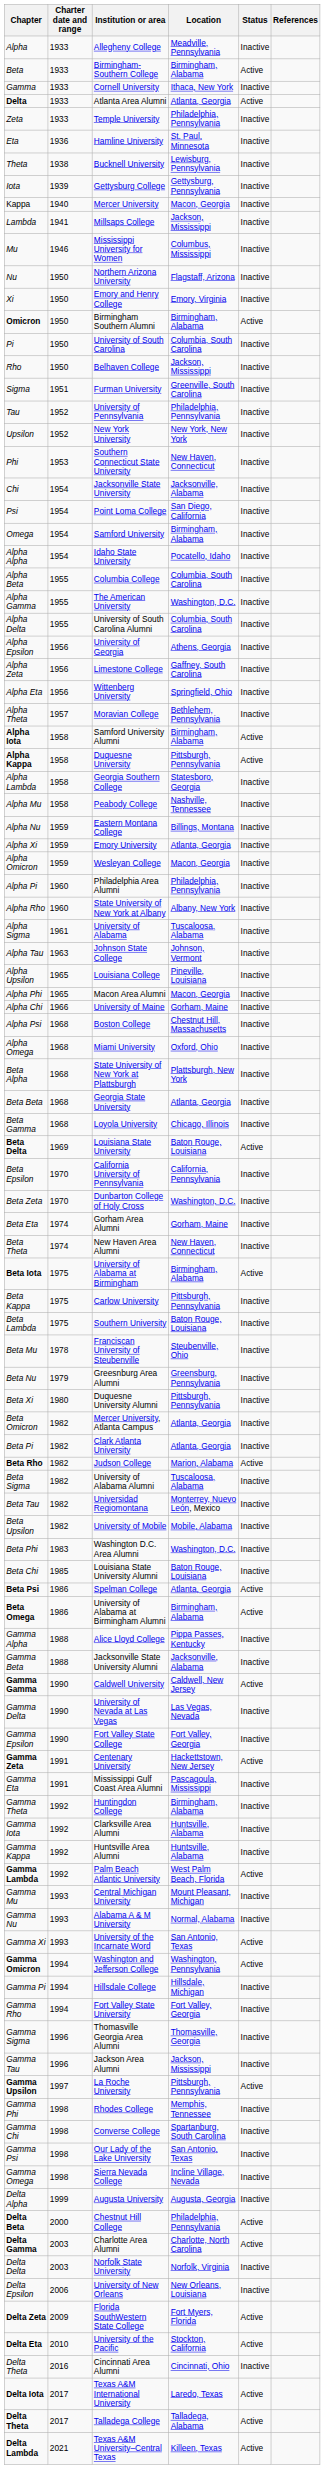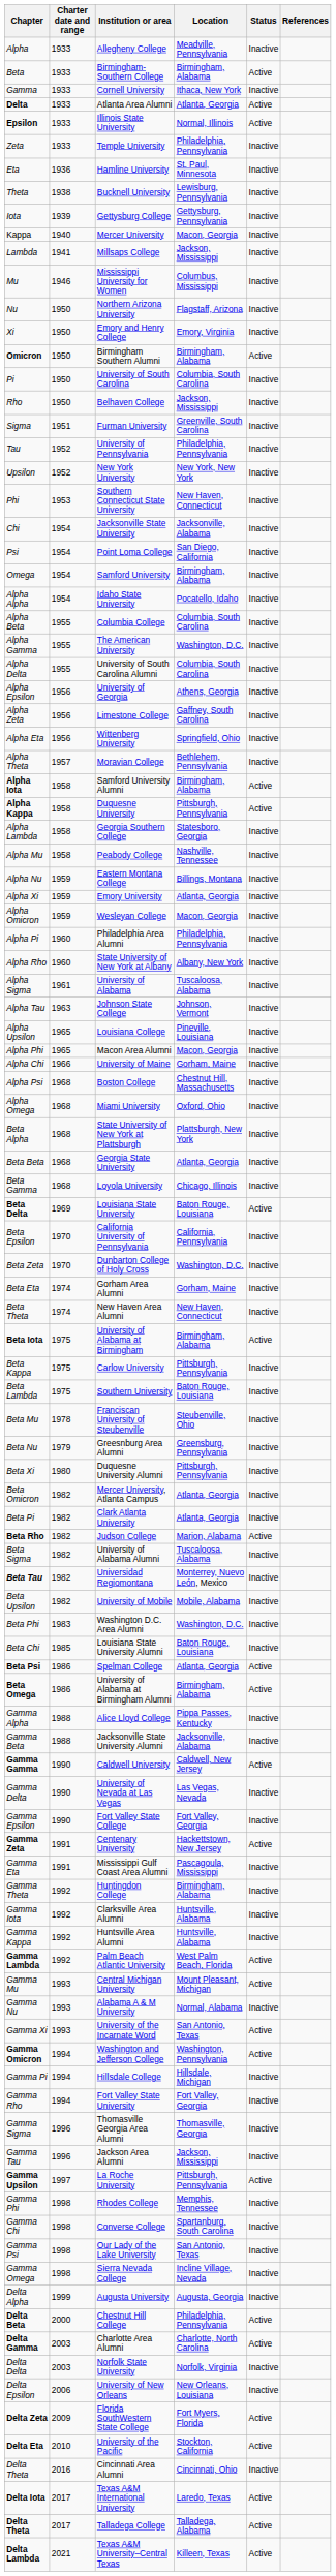 <table class="wikitable sortable">
 <tr>
 <th>Chapter</th>
 <th>Charter date and range</th>
 <th>Institution or area</th>
 <th>Location</th>
 <th>Status</th>
 <th>References</th>
 </tr>
 <tr>
 <td><em>Alpha</em></td>
 <td>1933</td>
 <td><a href='#'>Allegheny College</a></td>
 <td><a href='#'>Meadville, Pennsylvania</a></td>
 <td>Inactive</td>
 <td></td>
 </tr>
 <tr>
 <td><em>Beta</em></td>
 <td>1933</td>
 <td><a href='#'>Birmingham-Southern College</a></td>
 <td><a href='#'>Birmingham, Alabama</a></td>
 <td>Active</td>
 <td></td>
 </tr>
 <tr>
 <td><em>Gamma</em></td>
 <td>1933</td>
 <td><a href='#'>Cornell University</a></td>
 <td><a href='#'>Ithaca, New York</a></td>
 <td>Inactive</td>
 <td></td>
 </tr>
 <tr>
 <td><strong>Delta</strong></td>
 <td>1933</td>
 <td>Atlanta Area Alumni</td>
 <td><a href='#'>Atlanta, Georgia</a></td>
+<td>Active</td>
+<td></td>
+</tr>
+<tr>
+<td><strong>Epsilon</strong></td>
+<td>1933</td>
+<td><a href='#'>Illinois State University</a></td>
+<td><a href='#'>Normal, Illinois</a></td>
 <td>Active</td>
 <td></td>
 </tr>
 <tr>
 <td><em>Zeta</em></td>
 <td>1933</td>
 <td><a href='#'>Temple University</a></td>
 <td><a href='#'>Philadelphia, Pennsylvania</a></td>
 <td>Inactive</td>
 <td></td>
 </tr>
 <tr>
 <td><em>Eta</em></td>
 <td>1936</td>
 <td><a href='#'>Hamline University</a></td>
 <td><a href='#'>St. Paul, Minnesota</a></td>
 <td>Inactive</td>
 <td></td>
 </tr>
 <tr>
 <td><em>Theta</em></td>
 <td>1938</td>
 <td><a href='#'>Bucknell University</a></td>
 <td><a href='#'>Lewisburg, Pennsylvania</a></td>
 <td>Inactive</td>
 <td></td>
 </tr>
 <tr>
 <td><em>Iota</em></td>
 <td>1939</td>
 <td><a href='#'>Gettysburg College</a></td>
 <td><a href='#'>Gettysburg, Pennsylvania</a></td>
 <td>Inactive</td>
 <td></td>
 </tr>
 <tr>
 <td>Kappa</td>
 <td>1940</td>
 <td><a href='#'>Mercer University</a></td>
 <td><a href='#'>Macon, Georgia</a></td>
 <td>Inactive</td>
 <td></td>
 </tr>
 <tr>
 <td><em>Lambda</em></td>
 <td>1941</td>
 <td><a href='#'>Millsaps College</a></td>
 <td><a href='#'>Jackson, Mississippi</a></td>
 <td>Inactive</td>
 <td></td>
 </tr>
 <tr>
 <td><em>Mu</em></td>
 <td>1946</td>
 <td><a href='#'>Mississippi University for Women</a></td>
 <td><a href='#'>Columbus, Mississippi</a></td>
 <td>Inactive</td>
 <td></td>
 </tr>
 <tr>
 <td><em>Nu</em></td>
 <td>1950</td>
 <td><a href='#'>Northern Arizona University</a></td>
 <td><a href='#'>Flagstaff, Arizona</a></td>
 <td>Inactive</td>
 <td></td>
 </tr>
 <tr>
 <td><em>Xi</em></td>
 <td>1950</td>
 <td><a href='#'>Emory and Henry College</a></td>
 <td><a href='#'>Emory, Virginia</a></td>
 <td>Inactive</td>
 <td></td>
 </tr>
 <tr>
 <td><strong>Omicron</strong></td>
 <td>1950</td>
 <td>Birmingham Southern Alumni</td>
 <td><a href='#'>Birmingham, Alabama</a></td>
 <td>Active</td>
 <td></td>
 </tr>
 <tr>
 <td><em>Pi</em></td>
 <td>1950</td>
 <td><a href='#'>University of South Carolina</a></td>
 <td><a href='#'>Columbia, South Carolina</a></td>
 <td>Inactive</td>
 <td></td>
 </tr>
 <tr>
 <td><em>Rho</em></td>
 <td>1950</td>
 <td><a href='#'>Belhaven College</a></td>
 <td><a href='#'>Jackson, Mississippi</a></td>
 <td>Inactive</td>
 <td></td>
 </tr>
 <tr>
 <td><em>Sigma</em></td>
 <td>1951</td>
 <td><a href='#'>Furman University</a></td>
 <td><a href='#'>Greenville, South Carolina</a></td>
 <td>Inactive</td>
 <td></td>
 </tr>
 <tr>
 <td><em>Tau</em></td>
 <td>1952</td>
 <td><a href='#'>University of Pennsylvania</a></td>
 <td><a href='#'>Philadelphia, Pennsylvania</a></td>
 <td>Inactive</td>
 <td></td>
 </tr>
 <tr>
 <td><em>Upsilon</em></td>
 <td>1952</td>
 <td><a href='#'>New York University</a></td>
 <td><a href='#'>New York, New York</a></td>
 <td>Inactive</td>
 <td></td>
 </tr>
 <tr>
 <td><em>Phi</em></td>
 <td>1953</td>
 <td><a href='#'>Southern Connecticut State University</a></td>
 <td><a href='#'>New Haven, Connecticut</a></td>
 <td>Inactive</td>
 <td></td>
 </tr>
 <tr>
 <td><em>Chi</em></td>
 <td>1954</td>
 <td><a href='#'>Jacksonville State University</a></td>
 <td><a href='#'>Jacksonville, Alabama</a></td>
 <td>Inactive</td>
 <td></td>
 </tr>
 <tr>
 <td><em>Psi</em></td>
 <td>1954</td>
 <td><a href='#'>Point Loma College</a></td>
 <td><a href='#'>San Diego, California</a></td>
 <td>Inactive</td>
 <td></td>
 </tr>
 <tr>
 <td><em>Omega</em></td>
 <td>1954</td>
 <td><a href='#'>Samford University</a></td>
 <td><a href='#'>Birmingham, Alabama</a></td>
 <td>Inactive</td>
 <td></td>
 </tr>
 <tr>
 <td><em>Alpha Alpha</em></td>
 <td>1954</td>
 <td><a href='#'>Idaho State University</a></td>
 <td><a href='#'>Pocatello, Idaho</a></td>
 <td>Inactive</td>
 <td></td>
 </tr>
 <tr>
 <td><em>Alpha Beta</em></td>
 <td>1955</td>
 <td><a href='#'>Columbia College</a></td>
 <td><a href='#'>Columbia, South Carolina</a></td>
 <td>Inactive</td>
 <td></td>
 </tr>
 <tr>
 <td><em>Alpha Gamma</em></td>
 <td>1955</td>
 <td><a href='#'>The American University</a></td>
 <td><a href='#'>Washington, D.C.</a></td>
 <td>Inactive</td>
 <td></td>
 </tr>
 <tr>
 <td><em>Alpha Delta</em></td>
 <td>1955</td>
 <td>University of South Carolina Alumni</td>
 <td><a href='#'>Columbia, South Carolina</a></td>
 <td>Inactive</td>
 <td></td>
 </tr>
 <tr>
 <td><em>Alpha Epsilon</em></td>
 <td>1956</td>
 <td><a href='#'>University of Georgia</a></td>
 <td><a href='#'>Athens, Georgia</a></td>
 <td>Inactive</td>
 <td></td>
 </tr>
 <tr>
 <td><em>Alpha Zeta</em></td>
 <td>1956</td>
 <td><a href='#'>Limestone College</a></td>
 <td><a href='#'>Gaffney, South Carolina</a></td>
 <td>Inactive</td>
 <td></td>
 </tr>
 <tr>
 <td><em>Alpha Eta</em></td>
 <td>1956</td>
 <td><a href='#'>Wittenberg University</a></td>
 <td><a href='#'>Springfield, Ohio</a></td>
 <td>Inactive</td>
 <td></td>
 </tr>
 <tr>
 <td><em>Alpha Theta</em></td>
 <td>1957</td>
 <td><a href='#'>Moravian College</a></td>
 <td><a href='#'>Bethlehem, Pennsylvania</a></td>
 <td>Inactive</td>
 <td></td>
 </tr>
 <tr>
 <td><strong>Alpha Iota</strong></td>
 <td>1958</td>
 <td>Samford University Alumni</td>
 <td><a href='#'>Birmingham, Alabama</a></td>
 <td>Active</td>
 <td></td>
 </tr>
 <tr>
 <td><strong>Alpha Kappa</strong></td>
 <td>1958</td>
 <td><a href='#'>Duquesne University</a></td>
 <td><a href='#'>Pittsburgh, Pennsylvania</a></td>
 <td>Active</td>
 <td></td>
 </tr>
 <tr>
 <td><em>Alpha Lambda</em></td>
 <td>1958</td>
 <td><a href='#'>Georgia Southern College</a></td>
 <td><a href='#'>Statesboro, Georgia</a></td>
 <td>Inactive</td>
 <td></td>
 </tr>
 <tr>
 <td><em>Alpha Mu</em></td>
 <td>1958</td>
 <td><a href='#'>Peabody College</a></td>
 <td><a href='#'>Nashville, Tennessee</a></td>
 <td>Inactive</td>
 <td></td>
 </tr>
 <tr>
 <td><em>Alpha Nu</em></td>
 <td>1959</td>
 <td><a href='#'>Eastern Montana College</a></td>
 <td><a href='#'>Billings, Montana</a></td>
 <td>Inactive</td>
 <td></td>
 </tr>
 <tr>
 <td><em>Alpha Xi</em></td>
 <td>1959</td>
 <td><a href='#'>Emory University</a></td>
 <td><a href='#'>Atlanta, Georgia</a></td>
 <td>Inactive</td>
 <td></td>
 </tr>
 <tr>
 <td><em>Alpha Omicron</em></td>
 <td>1959</td>
 <td><a href='#'>Wesleyan College</a></td>
 <td><a href='#'>Macon, Georgia</a></td>
 <td>Inactive</td>
 <td></td>
 </tr>
 <tr>
 <td><em>Alpha Pi</em></td>
 <td>1960</td>
 <td>Philadelphia Area Alumni</td>
 <td><a href='#'>Philadelphia, Pennsylvania</a></td>
 <td>Inactive</td>
 <td></td>
 </tr>
 <tr>
 <td><em>Alpha Rho</em></td>
 <td>1960</td>
 <td><a href='#'>State University of New York at Albany</a></td>
 <td><a href='#'>Albany, New York</a></td>
 <td>Inactive</td>
 <td></td>
 </tr>
 <tr>
 <td><em>Alpha Sigma</em></td>
 <td>1961</td>
 <td><a href='#'>University of Alabama</a></td>
 <td><a href='#'>Tuscaloosa, Alabama</a></td>
 <td>Inactive</td>
 <td></td>
 </tr>
 <tr>
 <td><em>Alpha Tau</em></td>
 <td>1963</td>
 <td><a href='#'>Johnson State College</a></td>
 <td><a href='#'>Johnson, Vermont</a></td>
 <td>Inactive</td>
 <td></td>
 </tr>
 <tr>
 <td><em>Alpha Upsilon</em></td>
 <td>1965</td>
 <td><a href='#'>Louisiana College</a></td>
 <td><a href='#'>Pineville, Louisiana</a></td>
 <td>Inactive</td>
 <td></td>
 </tr>
 <tr>
 <td><em>Alpha Phi</em></td>
 <td>1965</td>
 <td>Macon Area Alumni</td>
 <td><a href='#'>Macon, Georgia</a></td>
 <td>Inactive</td>
 <td></td>
 </tr>
 <tr>
 <td><em>Alpha Chi</em></td>
 <td>1966</td>
 <td><a href='#'>University of Maine</a></td>
 <td><a href='#'>Gorham, Maine</a></td>
 <td>Inactive</td>
 <td></td>
 </tr>
 <tr>
 <td><em>Alpha Psi</em></td>
 <td>1968</td>
 <td><a href='#'>Boston College</a></td>
 <td><a href='#'>Chestnut Hill, Massachusetts</a></td>
 <td>Inactive</td>
 <td></td>
 </tr>
 <tr>
 <td><em>Alpha Omega</em></td>
 <td>1968</td>
 <td><a href='#'>Miami University</a></td>
 <td><a href='#'>Oxford, Ohio</a></td>
 <td>Inactive</td>
 <td></td>
 </tr>
 <tr>
 <td><em>Beta Alpha</em></td>
 <td>1968</td>
 <td><a href='#'>State University of New York at Plattsburgh</a></td>
 <td><a href='#'>Plattsburgh, New York</a></td>
 <td>Inactive</td>
 <td></td>
 </tr>
 <tr>
 <td><em>Beta Beta</em></td>
 <td>1968</td>
 <td><a href='#'>Georgia State University</a></td>
 <td><a href='#'>Atlanta, Georgia</a></td>
 <td>Inactive</td>
 <td></td>
 </tr>
 <tr>
 <td><em>Beta Gamma</em></td>
 <td>1968</td>
 <td><a href='#'>Loyola University</a></td>
 <td><a href='#'>Chicago, Illinois</a></td>
 <td>Inactive</td>
 <td></td>
 </tr>
 <tr>
 <td><strong>Beta Delta</strong></td>
 <td>1969</td>
 <td><a href='#'>Louisiana State University</a></td>
 <td><a href='#'>Baton Rouge, Louisiana</a></td>
 <td>Active</td>
 <td></td>
 </tr>
 <tr>
 <td><em>Beta Epsilon</em></td>
 <td>1970</td>
 <td><a href='#'>California University of Pennsylvania</a></td>
 <td><a href='#'>California, Pennsylvania</a></td>
 <td>Inactive</td>
 <td></td>
 </tr>
 <tr>
 <td><em>Beta Zeta</em></td>
 <td>1970</td>
 <td><a href='#'>Dunbarton College of Holy Cross</a></td>
 <td><a href='#'>Washington, D.C.</a></td>
 <td>Inactive</td>
 <td></td>
 </tr>
 <tr>
 <td><em>Beta Eta</em></td>
 <td>1974</td>
 <td>Gorham Area Alumni</td>
 <td><a href='#'>Gorham, Maine</a></td>
 <td>Inactive</td>
 <td></td>
 </tr>
 <tr>
 <td><em>Beta Theta</em></td>
 <td>1974</td>
 <td>New Haven Area Alumni</td>
 <td><a href='#'>New Haven, Connecticut</a></td>
 <td>Inactive</td>
 <td></td>
 </tr>
 <tr>
 <td><strong>Beta Iota</strong></td>
 <td>1975</td>
 <td><a href='#'>University of Alabama at Birmingham</a></td>
 <td><a href='#'>Birmingham, Alabama</a></td>
 <td>Active</td>
 <td></td>
 </tr>
 <tr>
 <td><em>Beta Kappa</em></td>
 <td>1975</td>
 <td><a href='#'>Carlow University</a></td>
 <td><a href='#'>Pittsburgh, Pennsylvania</a></td>
 <td>Inactive</td>
 <td></td>
 </tr>
 <tr>
 <td><em>Beta Lambda</em></td>
 <td>1975</td>
 <td><a href='#'>Southern University</a></td>
 <td><a href='#'>Baton Rouge, Louisiana</a></td>
 <td>Inactive</td>
 <td></td>
 </tr>
 <tr>
 <td><em>Beta Mu</em></td>
 <td>1978</td>
 <td><a href='#'>Franciscan University of Steubenville</a></td>
 <td><a href='#'>Steubenville, Ohio</a></td>
 <td>Inactive</td>
 <td></td>
 </tr>
 <tr>
 <td><em>Beta Nu</em></td>
 <td>1979</td>
 <td>Greesnburg Area Alumni</td>
 <td><a href='#'>Greensburg, Pennsylvania</a></td>
 <td>Inactive</td>
 <td></td>
 </tr>
 <tr>
 <td><em>Beta Xi</em></td>
 <td>1980</td>
 <td>Duquesne University Alumni</td>
 <td><a href='#'>Pittsburgh, Pennsylvania</a></td>
 <td>Inactive</td>
 <td></td>
 </tr>
 <tr>
 <td><em>Beta Omicron</em></td>
 <td>1982</td>
 <td><a href='#'>Mercer University</a>, Atlanta Campus</td>
 <td><a href='#'>Atlanta, Georgia</a></td>
 <td>Inactive</td>
 <td></td>
 </tr>
 <tr>
 <td><em>Beta Pi</em></td>
 <td>1982</td>
 <td><a href='#'>Clark Atlanta University</a></td>
 <td><a href='#'>Atlanta, Georgia</a></td>
 <td>Inactive</td>
 <td></td>
 </tr>
 <tr>
 <td><strong>Beta Rho</strong></td>
 <td>1982</td>
 <td><a href='#'>Judson College</a></td>
 <td><a href='#'>Marion, Alabama</a></td>
 <td>Active</td>
 <td></td>
 </tr>
 <tr>
 <td><em>Beta Sigma</em></td>
 <td>1982</td>
 <td>University of Alabama Alumni</td>
 <td><a href='#'>Tuscaloosa, Alabama</a></td>
 <td>Inactive</td>
 <td></td>
 </tr>
 <tr>
-<td><em>Beta Tau</em></td>
+<td><strong><em>Beta Tau</em></strong></td>
 <td>1982</td>
 <td><a href='#'>Universidad Regiomontana</a></td>
 <td><a href='#'>Monterrey, Nuevo León</a>, Mexico</td>
 <td>Inactive</td>
 <td></td>
 </tr>
 <tr>
 <td><em>Beta Upsilon</em></td>
 <td>1982</td>
 <td><a href='#'>University of Mobile</a></td>
 <td><a href='#'>Mobile, Alabama</a></td>
 <td>Inactive</td>
 <td></td>
 </tr>
 <tr>
 <td><em>Beta Phi</em></td>
 <td>1983</td>
 <td>Washington D.C. Area Alumni</td>
 <td><a href='#'>Washington, D.C.</a></td>
 <td>Inactive</td>
 <td></td>
 </tr>
 <tr>
 <td><em>Beta Chi</em></td>
 <td>1985</td>
 <td>Louisiana State University Alumni</td>
 <td><a href='#'>Baton Rouge, Louisiana</a></td>
 <td>Inactive</td>
 <td></td>
 </tr>
 <tr>
 <td><strong>Beta Psi</strong></td>
 <td>1986</td>
 <td><a href='#'>Spelman College</a></td>
 <td><a href='#'>Atlanta, Georgia</a></td>
 <td>Active</td>
 <td></td>
 </tr>
 <tr>
 <td><strong>Beta Omega</strong></td>
 <td>1986</td>
 <td>University of Alabama at Birmingham Alumni</td>
 <td><a href='#'>Birmingham, Alabama</a></td>
 <td>Active</td>
 <td></td>
 </tr>
 <tr>
 <td><em>Gamma Alpha</em></td>
 <td>1988</td>
 <td><a href='#'>Alice Lloyd College</a></td>
 <td><a href='#'>Pippa Passes, Kentucky</a></td>
 <td>Inactive</td>
 <td></td>
 </tr>
 <tr>
 <td><em>Gamma Beta</em></td>
 <td>1988</td>
 <td>Jacksonville State University Alumni</td>
 <td><a href='#'>Jacksonville, Alabama</a></td>
 <td>Inactive</td>
 <td></td>
 </tr>
 <tr>
 <td><strong>Gamma Gamma</strong></td>
 <td>1990</td>
 <td><a href='#'>Caldwell University</a></td>
 <td><a href='#'>Caldwell, New Jersey</a></td>
 <td>Active</td>
 <td></td>
 </tr>
 <tr>
 <td><em>Gamma Delta</em></td>
 <td>1990</td>
 <td><a href='#'>University of Nevada at Las Vegas</a></td>
 <td><a href='#'>Las Vegas, Nevada</a></td>
 <td>Inactive</td>
 <td></td>
 </tr>
 <tr>
 <td><em>Gamma Epsilon</em></td>
 <td>1990</td>
 <td><a href='#'>Fort Valley State College</a></td>
 <td><a href='#'>Fort Valley, Georgia</a></td>
 <td>Inactive</td>
 <td></td>
 </tr>
 <tr>
 <td><strong>Gamma Zeta</strong></td>
 <td>1991</td>
 <td><a href='#'>Centenary University</a></td>
 <td><a href='#'>Hackettstown, New Jersey</a></td>
 <td>Active</td>
 <td></td>
 </tr>
 <tr>
 <td><em>Gamma Eta</em></td>
 <td>1991</td>
 <td>Mississippi Gulf Coast Area Alumni</td>
 <td><a href='#'>Pascagoula, Mississippi</a></td>
 <td>Inactive</td>
 <td></td>
 </tr>
 <tr>
 <td><em>Gamma Theta</em></td>
 <td>1992</td>
 <td><a href='#'>Huntingdon College</a></td>
 <td><a href='#'>Birmingham, Alabama</a></td>
 <td>Inactive</td>
 <td></td>
 </tr>
 <tr>
 <td><em>Gamma Iota</em></td>
 <td>1992</td>
 <td>Clarksville Area Alumni</td>
 <td><a href='#'>Huntsville, Alabama</a></td>
 <td>Inactive</td>
 <td></td>
 </tr>
 <tr>
 <td><em>Gamma Kappa</em></td>
 <td>1992</td>
 <td>Huntsville Area Alumni</td>
 <td><a href='#'>Huntsville, Alabama</a></td>
 <td>Inactive</td>
 <td></td>
 </tr>
 <tr>
 <td><strong>Gamma Lambda</strong></td>
 <td>1992</td>
 <td><a href='#'>Palm Beach Atlantic University</a></td>
 <td><a href='#'>West Palm Beach, Florida</a></td>
 <td>Active</td>
 <td></td>
 </tr>
 <tr>
 <td><em>Gamma Mu</em></td>
 <td>1993</td>
 <td><a href='#'>Central Michigan University</a></td>
 <td><a href='#'>Mount Pleasant, Michigan</a></td>
-<td>Inactive</td>
+<td>Active</td>
 <td></td>
 </tr>
 <tr>
 <td><em>Gamma Nu</em></td>
 <td>1993</td>
 <td><a href='#'>Alabama A & M University</a></td>
 <td><a href='#'>Normal, Alabama</a></td>
 <td>Inactive</td>
 <td></td>
 </tr>
 <tr>
 <td><em>Gamma Xi</em></td>
 <td>1993</td>
 <td><a href='#'>University of the Incarnate Word</a></td>
 <td><a href='#'>San Antonio, Texas</a></td>
 <td>Active</td>
 <td></td>
 </tr>
 <tr>
 <td><strong>Gamma Omicron</strong></td>
 <td>1994</td>
 <td><a href='#'>Washington and Jefferson College</a></td>
 <td><a href='#'>Washington, Pennsylvania</a></td>
 <td>Active</td>
 <td></td>
 </tr>
 <tr>
 <td><em>Gamma Pi</em></td>
 <td>1994</td>
 <td><a href='#'>Hillsdale College</a></td>
 <td><a href='#'>Hillsdale, Michigan</a></td>
 <td>Inactive</td>
 <td></td>
 </tr>
 <tr>
 <td><em>Gamma Rho</em></td>
 <td>1994</td>
 <td><a href='#'>Fort Valley State University</a></td>
 <td><a href='#'>Fort Valley, Georgia</a></td>
 <td>Inactive</td>
 <td></td>
 </tr>
 <tr>
 <td><em>Gamma Sigma</em></td>
 <td>1996</td>
 <td>Thomasville Georgia Area Alumni</td>
 <td><a href='#'>Thomasville, Georgia</a></td>
 <td>Inactive</td>
 <td></td>
 </tr>
 <tr>
 <td><em>Gamma Tau</em></td>
 <td>1996</td>
 <td>Jackson Area Alumni</td>
 <td><a href='#'>Jackson, Mississippi</a></td>
 <td>Inactive</td>
 <td></td>
 </tr>
 <tr>
 <td><strong>Gamma Upsilon</strong></td>
 <td>1997</td>
 <td><a href='#'>La Roche University</a></td>
 <td><a href='#'>Pittsburgh, Pennsylvania</a></td>
 <td>Active</td>
 <td></td>
 </tr>
 <tr>
 <td><em>Gamma Phi</em></td>
 <td>1998</td>
 <td><a href='#'>Rhodes College</a></td>
 <td><a href='#'>Memphis, Tennessee</a></td>
 <td>Inactive</td>
 <td></td>
 </tr>
 <tr>
 <td><em>Gamma Chi</em></td>
 <td>1998</td>
 <td><a href='#'>Converse College</a></td>
 <td><a href='#'>Spartanburg, South Carolina</a></td>
 <td>Inactive</td>
 <td></td>
 </tr>
 <tr>
 <td><em>Gamma Psi</em></td>
 <td>1998</td>
 <td><a href='#'>Our Lady of the Lake University</a></td>
 <td><a href='#'>San Antonio, Texas</a></td>
 <td>Inactive</td>
 <td></td>
 </tr>
 <tr>
 <td><em>Gamma Omega</em></td>
 <td>1998</td>
 <td><a href='#'>Sierra Nevada College</a></td>
 <td><a href='#'>Incline Village, Nevada</a></td>
 <td>Inactive</td>
 <td></td>
 </tr>
 <tr>
 <td><em>Delta Alpha</em></td>
 <td>1999</td>
 <td><a href='#'>Augusta University</a></td>
 <td><a href='#'>Augusta, Georgia</a></td>
 <td>Inactive</td>
 <td></td>
 </tr>
 <tr>
 <td><strong>Delta Beta</strong></td>
 <td>2000</td>
 <td><a href='#'>Chestnut Hill College</a></td>
 <td><a href='#'>Philadelphia, Pennsylvania</a></td>
 <td>Active</td>
 <td></td>
 </tr>
 <tr>
 <td><strong>Delta Gamma</strong></td>
 <td>2003</td>
 <td>Charlotte Area Alumni</td>
 <td><a href='#'>Charlotte, North Carolina</a></td>
 <td>Active</td>
 <td></td>
 </tr>
 <tr>
 <td><em>Delta Delta</em></td>
 <td>2003</td>
 <td><a href='#'>Norfolk State University</a></td>
 <td><a href='#'>Norfolk, Virginia</a></td>
 <td>Inactive</td>
 <td></td>
 </tr>
 <tr>
 <td><em>Delta Epsilon</em></td>
 <td>2006</td>
 <td><a href='#'>University of New Orleans</a></td>
 <td><a href='#'>New Orleans, Louisiana</a></td>
 <td>Inactive</td>
 <td></td>
 </tr>
 <tr>
 <td><strong>Delta Zeta</strong></td>
 <td>2009</td>
 <td><a href='#'>Florida SouthWestern State College</a></td>
 <td><a href='#'>Fort Myers, Florida</a></td>
 <td>Active</td>
 <td></td>
 </tr>
 <tr>
 <td><strong>Delta Eta</strong></td>
 <td>2010</td>
 <td><a href='#'>University of the Pacific</a></td>
 <td><a href='#'>Stockton, California</a></td>
 <td>Active</td>
 <td></td>
 </tr>
 <tr>
 <td><em>Delta Theta</em></td>
 <td>2016</td>
 <td>Cincinnati Area Alumni</td>
 <td><a href='#'>Cincinnati, Ohio</a></td>
 <td>Inactive</td>
 <td></td>
 </tr>
 <tr>
 <td><strong>Delta Iota</strong></td>
 <td>2017</td>
 <td><a href='#'>Texas A&M International University</a></td>
 <td><a href='#'>Laredo, Texas</a></td>
 <td>Active</td>
 <td></td>
 </tr>
 <tr>
 <td><strong>Delta Theta</strong></td>
 <td>2017</td>
 <td><a href='#'>Talladega College</a></td>
 <td><a href='#'>Talladega, Alabama</a></td>
 <td>Active</td>
 <td></td>
 </tr>
 <tr>
 <td><strong>Delta Lambda</strong></td>
 <td>2021</td>
 <td><a href='#'>Texas A&M University–Central Texas</a></td>
 <td><a href='#'>Killeen, Texas</a></td>
 <td>Active</td>
 <td></td>
 </tr>
 </table>
